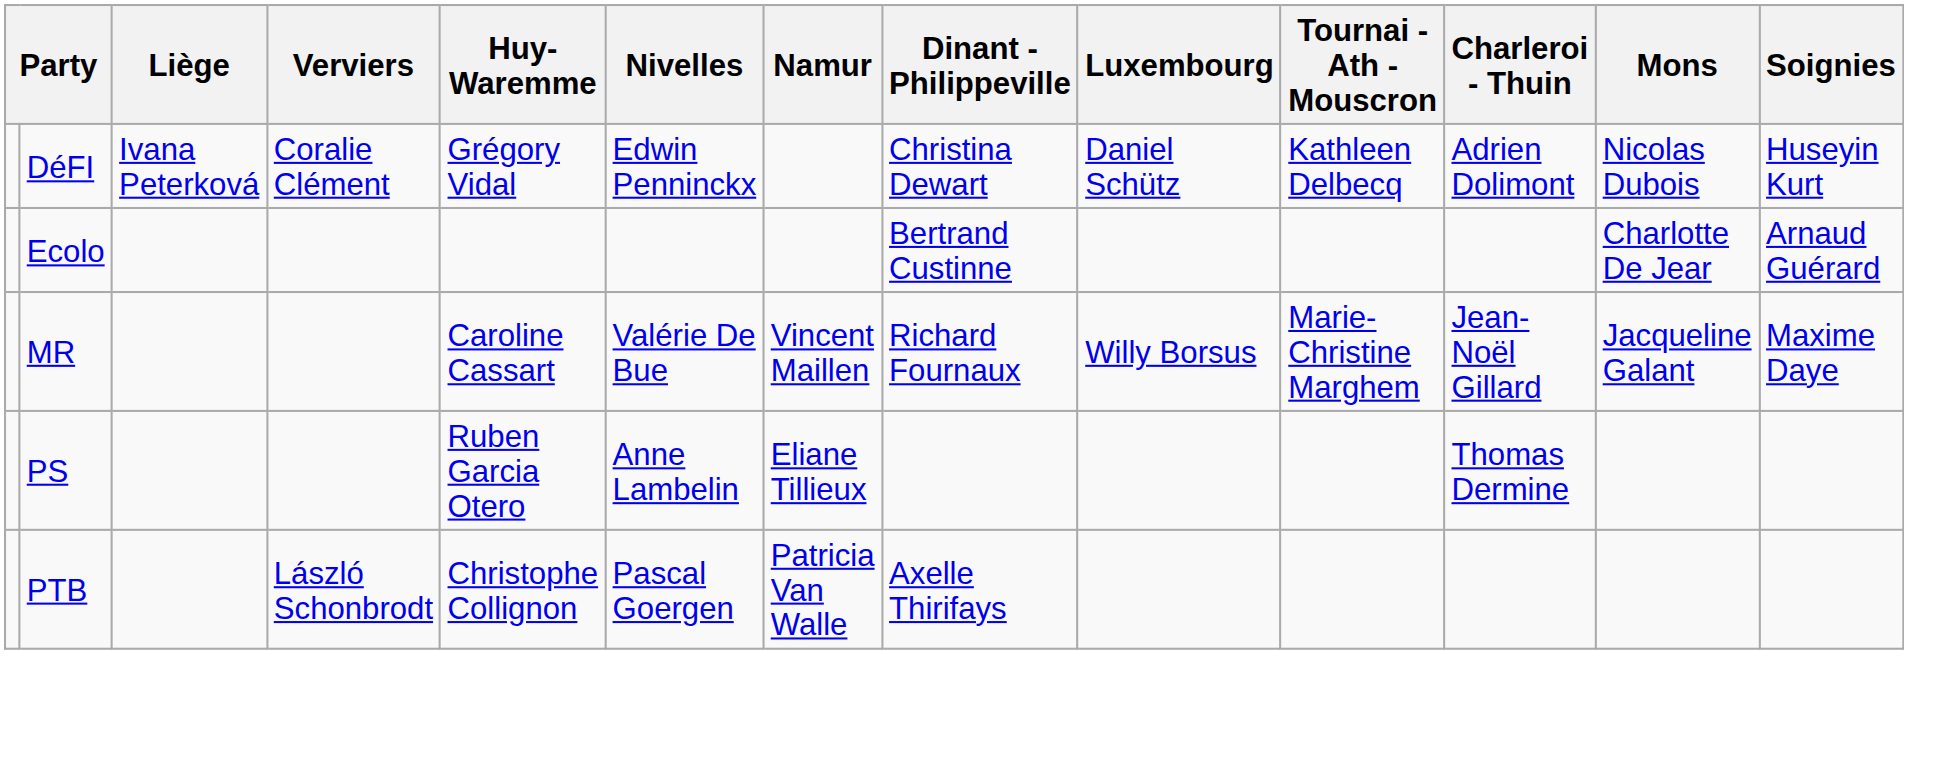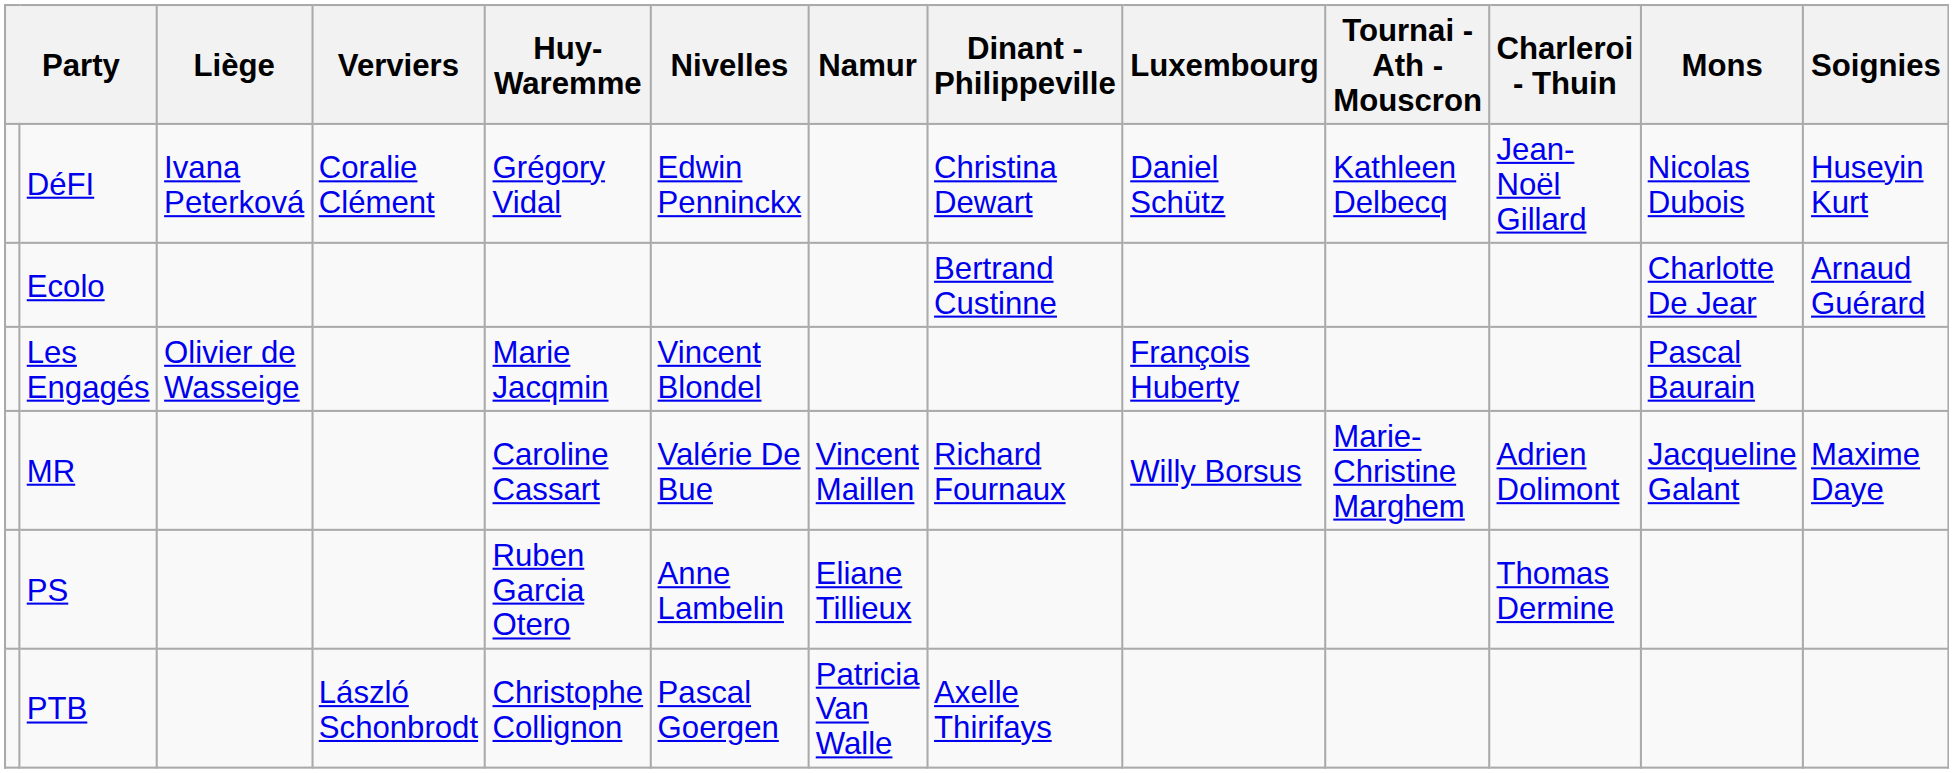 <table class="wikitable" style="font-size:95%;">
 <tr>
 <th colspan="2" style="width:10%;">Party</th>
 <th style="width:15%;">Liège</th>
 <th style="width:15%;">Verviers</th>
 <th style="width:15%;">Huy-Waremme</th>
 <th style="width:15%;">Nivelles</th>
 <th style="width:15%;">Namur</th>
 <th style="width:15%;">Dinant - Philippeville</th>
 <th style="width:15%;">Luxembourg</th>
 <th style="width:15%;">Tournai - Ath - Mouscron</th>
 <th style="width:15%;">Charleroi - Thuin</th>
 <th style="width:15%;">Mons</th>
 <th style="width:15%;">Soignies</th>
 </tr>
 <tr>
 <td style="background-color: "></td>
 <td><a href='#'>DéFI</a></td>
 <td><a href='#'>Ivana Peterková</a></td>
 <td><a href='#'>Coralie Clément</a></td>
 <td><a href='#'>Grégory Vidal</a></td>
 <td><a href='#'>Edwin Penninckx</a></td>
 <td></td>
 <td><a href='#'>Christina Dewart</a></td>
 <td><a href='#'>Daniel Schütz</a></td>
 <td><a href='#'>Kathleen Delbecq</a></td>
-<td><a href='#'>Adrien Dolimont</a></td>
+<td><a href='#'>Jean-Noël Gillard</a></td>
 <td><a href='#'>Nicolas Dubois</a></td>
 <td><a href='#'>Huseyin Kurt</a></td>
 </tr>
 <tr>
 <td style="background-color: "></td>
 <td><a href='#'>Ecolo</a></td>
 <td></td>
 <td></td>
 <td></td>
 <td></td>
 <td></td>
 <td><a href='#'>Bertrand Custinne</a></td>
 <td></td>
 <td></td>
 <td></td>
 <td><a href='#'>Charlotte De Jear</a></td>
 <td><a href='#'>Arnaud Guérard</a></td>
 </tr>
 <tr>
 <td style="background-color: "></td>
+<td><a href='#'>Les Engagés</a></td>
+<td><a href='#'>Olivier de Wasseige</a></td>
+<td></td>
+<td><a href='#'>Marie Jacqmin</a></td>
+<td><a href='#'>Vincent Blondel</a></td>
+<td></td>
+<td></td>
+<td><a href='#'>François Huberty</a></td>
+<td></td>
+<td></td>
+<td><a href='#'>Pascal Baurain</a></td>
+<td></td>
+</tr>
+<tr>
+<td style="background-color: "></td>
 <td><a href='#'>MR</a></td>
 <td></td>
 <td></td>
 <td><a href='#'>Caroline Cassart</a></td>
 <td><a href='#'>Valérie De Bue</a></td>
 <td><a href='#'>Vincent Maillen</a></td>
 <td><a href='#'>Richard Fournaux</a></td>
 <td><a href='#'>Willy Borsus</a></td>
 <td><a href='#'>Marie-Christine Marghem</a></td>
-<td><a href='#'>Jean-Noël Gillard</a></td>
+<td><a href='#'>Adrien Dolimont</a></td>
 <td><a href='#'>Jacqueline Galant</a></td>
 <td><a href='#'>Maxime Daye</a></td>
 </tr>
 <tr>
 <td style="background-color: "></td>
 <td><a href='#'>PS</a></td>
 <td></td>
 <td></td>
 <td><a href='#'>Ruben Garcia Otero</a></td>
 <td><a href='#'>Anne Lambelin</a></td>
 <td><a href='#'>Eliane Tillieux</a></td>
 <td></td>
 <td></td>
 <td></td>
 <td><a href='#'>Thomas Dermine</a></td>
 <td></td>
 <td></td>
 </tr>
 <tr>
 <td style="background-color: "></td>
 <td><a href='#'>PTB</a></td>
 <td></td>
 <td><a href='#'>László Schonbrodt</a></td>
 <td><a href='#'>Christophe Collignon</a></td>
 <td><a href='#'>Pascal Goergen</a></td>
 <td><a href='#'>Patricia Van Walle</a></td>
 <td><a href='#'>Axelle Thirifays</a></td>
 <td></td>
 <td></td>
 <td></td>
 <td></td>
 <td></td>
 </tr>
 </table>
